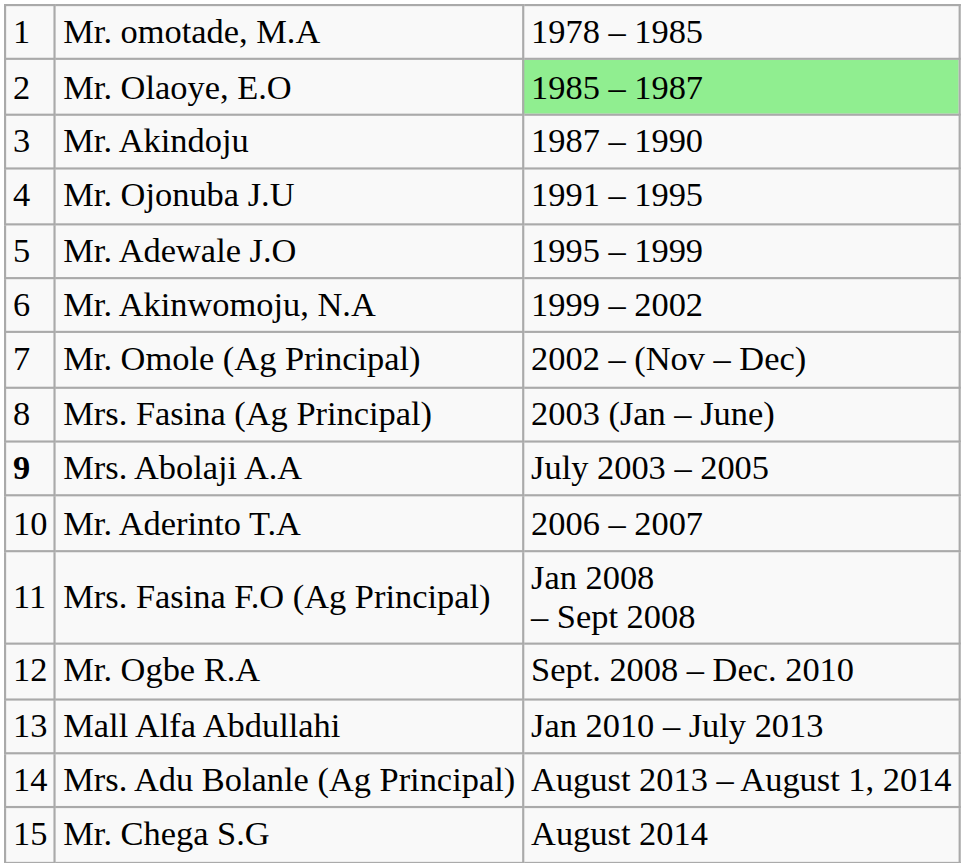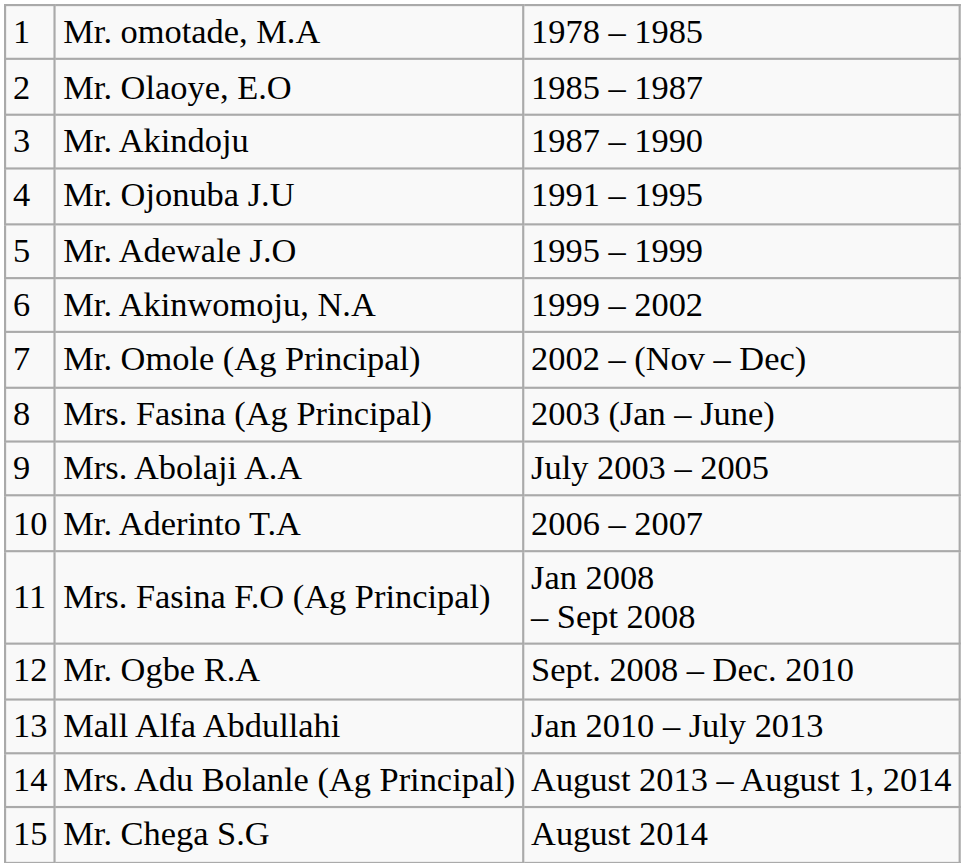 <table class="wikitable">
 <tr>
 <td>1</td>
 <td>Mr. omotade, M.A</td>
 <td>1978 – 1985</td>
 </tr>
 <tr>
 <td>2</td>
 <td>Mr. Olaoye, E.O</td>
-<td style="background: lightgreen;">1985 – 1987</td>
+<td>1985 – 1987</td>
 </tr>
 <tr>
 <td>3</td>
 <td>Mr. Akindoju</td>
 <td>1987 – 1990</td>
 </tr>
 <tr>
 <td>4</td>
 <td>Mr. Ojonuba J.U</td>
 <td>1991 – 1995</td>
 </tr>
 <tr>
 <td>5</td>
 <td>Mr. Adewale J.O</td>
 <td>1995 – 1999</td>
 </tr>
 <tr>
 <td>6</td>
 <td>Mr. Akinwomoju, N.A</td>
 <td>1999 – 2002</td>
 </tr>
 <tr>
 <td>7</td>
 <td>Mr. Omole (Ag Principal)</td>
 <td>2002 – (Nov – Dec)</td>
 </tr>
 <tr>
 <td>8</td>
 <td>Mrs. Fasina (Ag Principal)</td>
 <td>2003 (Jan – June)</td>
 </tr>
 <tr>
-<td><strong>9</strong></td>
+<td>9</td>
 <td>Mrs. Abolaji A.A</td>
 <td>July 2003 – 2005</td>
 </tr>
 <tr>
 <td>10</td>
 <td>Mr. Aderinto T.A</td>
 <td>2006 – 2007</td>
 </tr>
 <tr>
 <td>11</td>
 <td>Mrs. Fasina F.O (Ag Principal)</td>
 <td>Jan 2008<br>– Sept 2008</td>
 </tr>
 <tr>
 <td>12</td>
 <td>Mr. Ogbe R.A</td>
 <td>Sept. 2008 – Dec. 2010</td>
 </tr>
 <tr>
 <td>13</td>
 <td>Mall Alfa Abdullahi</td>
 <td>Jan 2010 – July 2013</td>
 </tr>
 <tr>
 <td>14</td>
 <td>Mrs. Adu Bolanle (Ag Principal)</td>
 <td>August 2013 – August 1, 2014</td>
 </tr>
 <tr>
 <td>15</td>
 <td>Mr. Chega S.G</td>
 <td>August 2014</td>
 </tr>
 </table>
